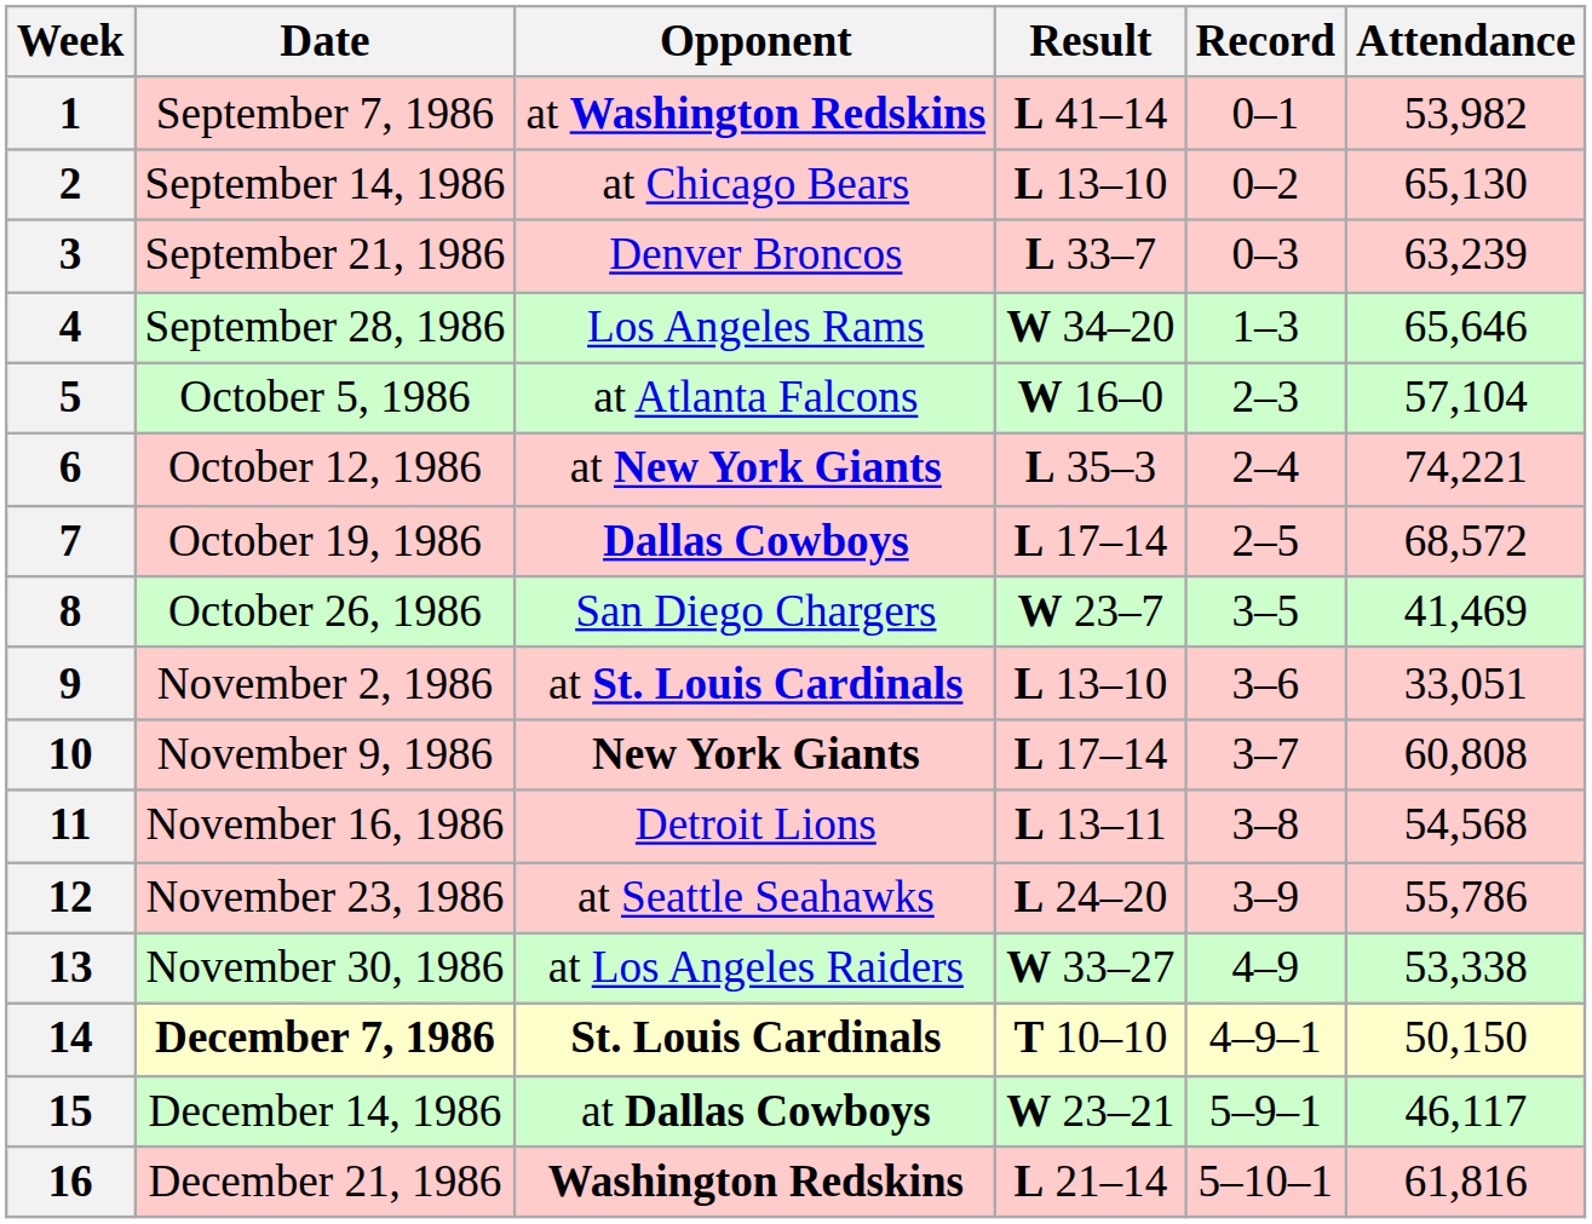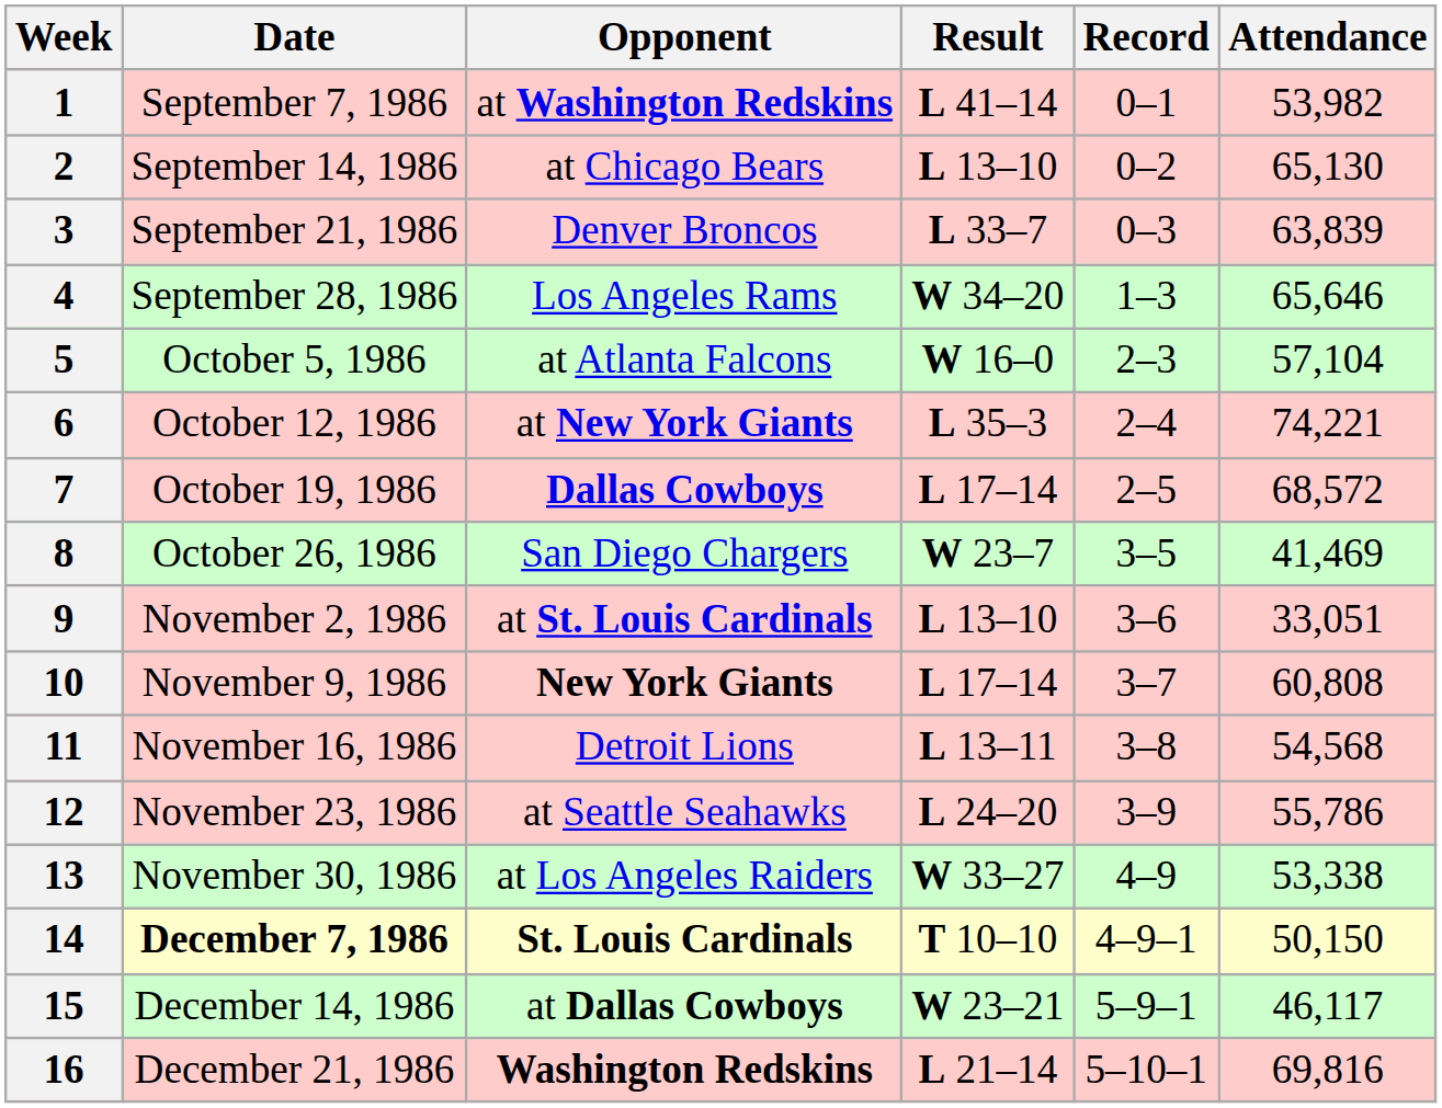 <table class="wikitable" style="text-align:center">
 <tr>
 <th>Week</th>
 <th>Date</th>
 <th>Opponent</th>
 <th>Result</th>
 <th>Record</th>
 <th>Attendance</th>
 </tr>
 <tr style="background:#fcc">
 <th>1</th>
 <td>September 7, 1986</td>
 <td>at <strong><a href='#'>Washington Redskins</a></strong></td>
 <td><strong>L</strong> 41–14</td>
 <td>0–1</td>
 <td>53,982</td>
 </tr>
 <tr style="background:#fcc">
 <th>2</th>
 <td>September 14, 1986</td>
 <td>at <a href='#'>Chicago Bears</a></td>
 <td><strong>L</strong> 13–10 </td>
 <td>0–2</td>
 <td>65,130</td>
 </tr>
 <tr style="background:#fcc">
 <th>3</th>
 <td>September 21, 1986</td>
 <td><a href='#'>Denver Broncos</a></td>
 <td><strong>L</strong> 33–7</td>
 <td>0–3</td>
-<td>63,239</td>
+<td>63,839</td>
 </tr>
 <tr style="background:#cfc">
 <th>4</th>
 <td>September 28, 1986</td>
 <td><a href='#'>Los Angeles Rams</a></td>
 <td><strong>W</strong> 34–20</td>
 <td>1–3</td>
 <td>65,646</td>
 </tr>
 <tr style="background:#cfc">
 <th>5</th>
 <td>October 5, 1986</td>
 <td>at <a href='#'>Atlanta Falcons</a></td>
 <td><strong>W</strong> 16–0</td>
 <td>2–3</td>
 <td>57,104</td>
 </tr>
 <tr style="background:#fcc">
 <th>6</th>
 <td>October 12, 1986</td>
 <td>at <strong><a href='#'>New York Giants</a></strong></td>
 <td><strong>L</strong> 35–3</td>
 <td>2–4</td>
 <td>74,221</td>
 </tr>
 <tr style="background:#fcc">
 <th>7</th>
 <td>October 19, 1986</td>
 <td><strong><a href='#'>Dallas Cowboys</a></strong></td>
 <td><strong>L</strong> 17–14</td>
 <td>2–5</td>
 <td>68,572</td>
 </tr>
 <tr style="background:#cfc">
 <th>8</th>
 <td>October 26, 1986</td>
 <td><a href='#'>San Diego Chargers</a></td>
 <td><strong>W</strong> 23–7</td>
 <td>3–5</td>
 <td>41,469</td>
 </tr>
 <tr style="background:#fcc">
 <th>9</th>
 <td>November 2, 1986</td>
 <td>at <strong><a href='#'>St. Louis Cardinals</a></strong></td>
 <td><strong>L</strong> 13–10</td>
 <td>3–6</td>
 <td>33,051</td>
 </tr>
 <tr style="background:#fcc">
 <th>10</th>
 <td>November 9, 1986</td>
 <td><strong>New York Giants</strong></td>
 <td><strong>L</strong> 17–14</td>
 <td>3–7</td>
 <td>60,808</td>
 </tr>
 <tr style="background:#fcc">
 <th>11</th>
 <td>November 16, 1986</td>
 <td><a href='#'>Detroit Lions</a></td>
 <td><strong>L</strong> 13–11</td>
 <td>3–8</td>
 <td>54,568</td>
 </tr>
 <tr style="background:#fcc">
 <th>12</th>
 <td>November 23, 1986</td>
 <td>at <a href='#'>Seattle Seahawks</a></td>
 <td><strong>L</strong> 24–20</td>
 <td>3–9</td>
 <td>55,786</td>
 </tr>
 <tr style="background:#cfc">
 <th>13</th>
 <td>November 30, 1986</td>
 <td>at <a href='#'>Los Angeles Raiders</a></td>
 <td><strong>W</strong> 33–27 </td>
 <td>4–9</td>
 <td>53,338</td>
 </tr>
 <tr style="background:#ffc">
 <th>14</th>
 <td><strong>December 7, 1986</strong></td>
 <td><strong>St. Louis Cardinals</strong></td>
 <td><strong>T</strong> 10–10 </td>
 <td>4–9–1</td>
 <td>50,150</td>
 </tr>
 <tr style="background:#cfc">
 <th>15</th>
 <td>December 14, 1986</td>
 <td>at <strong>Dallas Cowboys</strong></td>
 <td><strong>W</strong> 23–21</td>
 <td>5–9–1</td>
 <td>46,117</td>
 </tr>
 <tr style="background:#fcc">
 <th>16</th>
 <td>December 21, 1986</td>
 <td><strong>Washington Redskins</strong></td>
 <td><strong>L</strong> 21–14</td>
 <td>5–10–1</td>
-<td>61,816</td>
+<td>69,816</td>
 </tr>
 </table>
